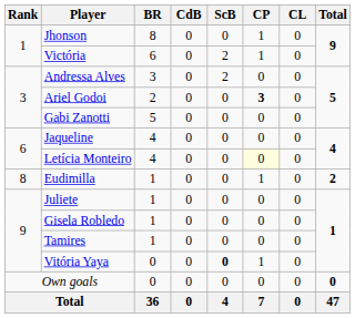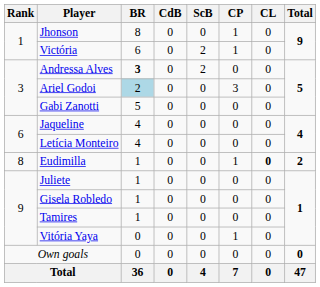 <table class="wikitable" style="text-align:center;">
 <tr>
 <th>Rank</th>
 <th>Player</th>
 <th width=10.5%><abbr>BR</abbr></th>
 <th width=10.5%><abbr>CdB</abbr></th>
 <th width=10.5%><abbr>ScB</abbr></th>
 <th width=10.5%><abbr>CP</abbr></th>
 <th width=10.5%><abbr>CL</abbr></th>
 <th>Total</th>
 </tr>
 <tr>
 <td rowspan=2>1</td>
 <td align=left> <a href='#'>Jhonson</a></td>
 <td>8</td>
 <td>0</td>
 <td>0</td>
 <td>1</td>
 <td>0</td>
 <td rowspan=2><strong>9</strong></td>
 </tr>
 <tr>
 <td align=left> <a href='#'>Victória</a></td>
 <td>6</td>
 <td>0</td>
 <td>2</td>
 <td>1</td>
 <td>0</td>
 </tr>
 <tr>
 <td rowspan=3>3</td>
 <td align=left> <a href='#'>Andressa Alves</a></td>
-<td>3</td>
+<td><strong>3</strong></td>
 <td>0</td>
 <td>2</td>
 <td>0</td>
 <td>0</td>
 <td rowspan=3><strong>5</strong></td>
 </tr>
 <tr>
 <td align=left> <a href='#'>Ariel Godoi</a></td>
-<td>2</td>
+<td style="background: lightblue;">2</td>
 <td>0</td>
 <td>0</td>
-<td><strong>3</strong></td>
+<td>3</td>
 <td>0</td>
 </tr>
 <tr>
 <td align=left> <a href='#'>Gabi Zanotti</a></td>
 <td>5</td>
 <td>0</td>
 <td>0</td>
 <td>0</td>
 <td>0</td>
 </tr>
 <tr>
 <td rowspan=2>6</td>
 <td align=left> <a href='#'>Jaqueline</a></td>
 <td>4</td>
 <td>0</td>
 <td>0</td>
 <td>0</td>
 <td>0</td>
 <td rowspan=2><strong>4</strong></td>
 </tr>
 <tr>
 <td align=left> <a href='#'>Letícia Monteiro</a></td>
 <td>4</td>
 <td>0</td>
 <td>0</td>
-<td style="background: lightyellow;">0</td>
+<td>0</td>
 <td>0</td>
 </tr>
 <tr>
 <td>8</td>
 <td align=left> <a href='#'>Eudimilla</a></td>
 <td>1</td>
 <td>0</td>
 <td>0</td>
 <td>1</td>
-<td>0</td>
+<td><strong>0</strong></td>
 <td><strong>2</strong></td>
 </tr>
 <tr>
 <td rowspan=4>9</td>
 <td align=left> <a href='#'>Juliete</a></td>
 <td>1</td>
 <td>0</td>
 <td>0</td>
 <td>0</td>
 <td>0</td>
 <td rowspan=4><strong>1</strong></td>
 </tr>
 <tr>
 <td align=left> <a href='#'>Gisela Robledo</a></td>
 <td>1</td>
 <td>0</td>
 <td>0</td>
 <td>0</td>
 <td>0</td>
 </tr>
 <tr>
 <td align=left> <a href='#'>Tamires</a></td>
 <td>1</td>
 <td>0</td>
 <td>0</td>
 <td>0</td>
 <td>0</td>
 </tr>
 <tr>
 <td align=left> <a href='#'>Vitória Yaya</a></td>
 <td>0</td>
 <td>0</td>
-<td><strong>0</strong></td>
+<td>0</td>
 <td>1</td>
 <td>0</td>
 </tr>
 <tr>
 <td align=center colspan=2><em>Own goals</em></td>
 <td>0</td>
 <td>0</td>
 <td>0</td>
 <td>0</td>
 <td>0</td>
 <td><strong>0</strong></td>
 </tr>
 <tr>
 <th colspan=2>Total</th>
 <th>36</th>
 <th>0</th>
 <th>4</th>
 <th>7</th>
 <th>0</th>
 <th>47</th>
 </tr>
 </table>
